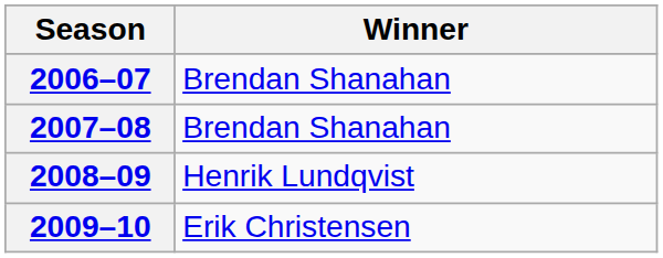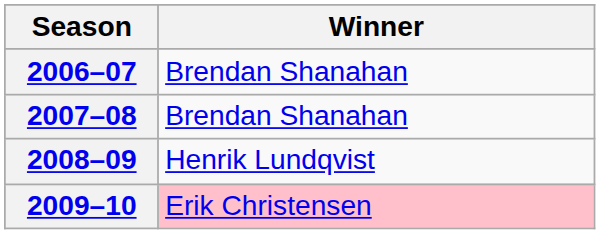 <table class="wikitable">
 <tr>
 <th scope="col" style="width:5em">Season</th>
 <th scope="col" style="width:15em">Winner</th>
 </tr>
 <tr>
 <th scope="row"><a href='#'>2006–07</a></th>
 <td><a href='#'>Brendan Shanahan</a></td>
 </tr>
 <tr>
 <th scope="row"><a href='#'>2007–08</a></th>
 <td><a href='#'>Brendan Shanahan</a></td>
 </tr>
 <tr>
 <th scope="row"><a href='#'>2008–09</a></th>
 <td><a href='#'>Henrik Lundqvist</a></td>
 </tr>
 <tr>
 <th scope="row"><a href='#'>2009–10</a></th>
-<td><a href='#'>Erik Christensen</a></td>
+<td style="background: pink;"><a href='#'>Erik Christensen</a></td>
 </tr>
 </table>
